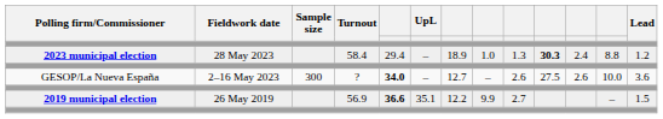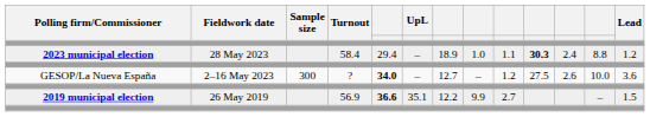 <table class="wikitable collapsible collapsed" style="text-align:center; font-size:95%; line-height:16px;">
 <tr style="height:42px;">
 <th style="width:250px;" rowspan="2">Polling firm/Commissioner</th>
 <th style="width:125px;" rowspan="2">Fieldwork date</th>
 <th style="width:50px;" rowspan="2">Sample size</th>
 <th style="width:45px;" rowspan="2">Turnout</th>
 <th style="width:35px;"></th>
 <th style="width:35px;">UpL</th>
 <th style="width:35px;"></th>
 <th style="width:35px;"></th>
 <th style="width:35px;"></th>
 <th style="width:35px;"></th>
 <th style="width:35px;"></th>
 <th style="width:35px;"></th>
 <th style="width:30px;" rowspan="2">Lead</th>
 </tr>
 <tr>
 <th style="color:inherit;background:"></th>
 <th style="color:inherit;background:"></th>
 <th style="color:inherit;background:"></th>
 <th style="color:inherit;background:"></th>
 <th style="color:inherit;background:"></th>
 <th style="color:inherit;background:"></th>
 <th style="color:inherit;background:"></th>
 <th style="color:inherit;background:"></th>
 </tr>
 <tr>
 <td colspan="13" style="background:#A0A0A0"></td>
 </tr>
 <tr style="background:#EFEFEF;">
 <td><strong><a href='#'>2023 municipal election</a></strong></td>
 <td>28 May 2023</td>
 <td></td>
 <td>58.4</td>
 <td>29.4<br></td>
 <td>–</td>
 <td>18.9<br></td>
 <td>1.0<br></td>
-<td>1.3<br></td>
+<td>1.1<br></td>
 <td><strong>30.3</strong><br></td>
 <td>2.4<br></td>
 <td>8.8<br></td>
 <td style="background:">1.2</td>
 </tr>
 <tr>
 <td colspan="13" style="background:#A0A0A0"></td>
 </tr>
 <tr>
 <td>GESOP/La Nueva España</td>
 <td>2–16 May 2023</td>
 <td>300</td>
 <td>?</td>
 <td><strong>34.0</strong><br></td>
 <td>–</td>
 <td>12.7<br></td>
 <td>–</td>
-<td>2.6<br></td>
+<td>1.2<br></td>
 <td>27.5<br></td>
 <td>2.6<br></td>
 <td>10.0<br></td>
 <td style="background:">3.6</td>
 </tr>
 <tr>
 <td colspan="13" style="background:#A0A0A0"></td>
 </tr>
 <tr style="background:#EFEFEF;">
 <td><strong><a href='#'>2019 municipal election</a></strong></td>
 <td>26 May 2019</td>
 <td></td>
 <td>56.9</td>
 <td><strong>36.6</strong><br></td>
 <td>35.1<br></td>
 <td>12.2<br></td>
 <td>9.9<br></td>
 <td>2.7<br></td>
 <td></td>
 <td></td>
 <td>–</td>
 <td style="background:">1.5</td>
 </tr>
 <tr>
 <td colspan="13" style="background:#A0A0A0"></td>
 </tr>
 </table>
